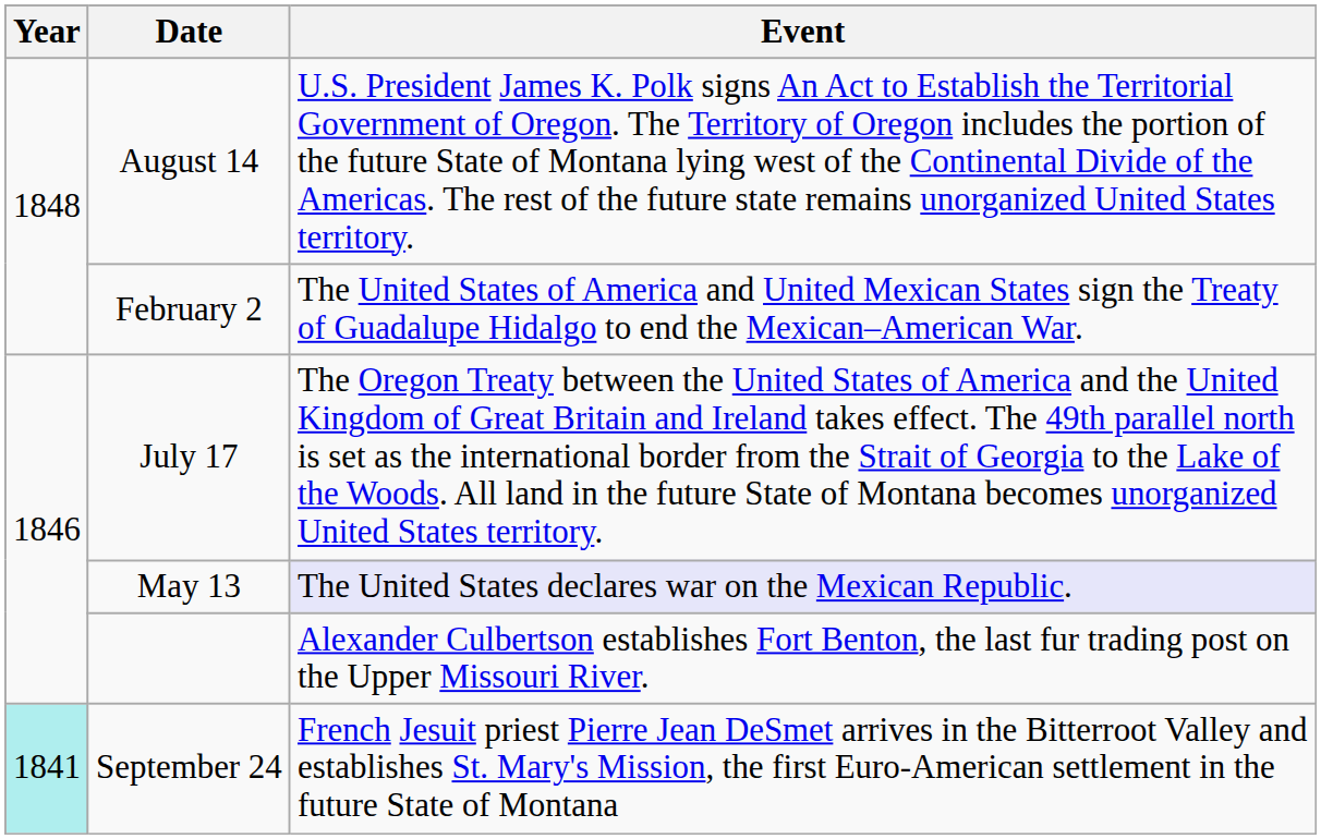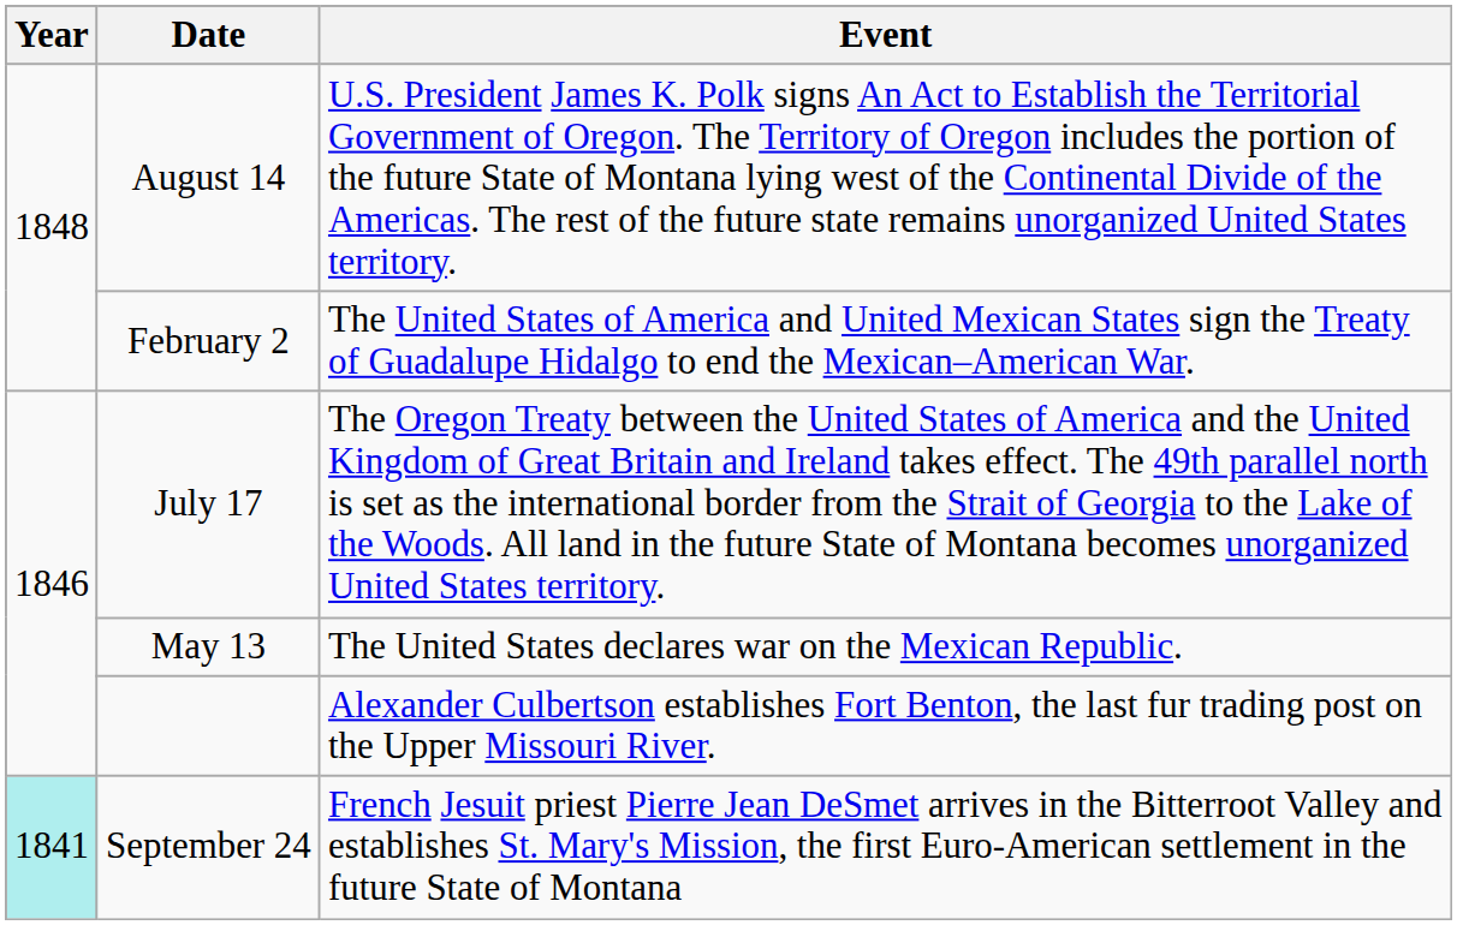 <table class="wikitable" style="width:100%;">
 <tr>
 <th style="width:6%">Year</th>
 <th style="width:8%">Date</th>
 <th style="width:86%">Event</th>
 </tr>
 <tr>
 <td align=center rowspan=2>1848</td>
 <td align=center>August 14</td>
 <td><a href='#'>U.S. President</a> <a href='#'>James K. Polk</a> signs <a href='#'>An Act to Establish the Territorial Government of Oregon</a>.  The <a href='#'>Territory of Oregon</a> includes the portion of the future State of Montana lying west of the <a href='#'>Continental Divide of the Americas</a>. The rest of the future state remains <a href='#'>unorganized United States territory</a>.</td>
 </tr>
 <tr>
 <td align=center>February 2</td>
 <td>The <a href='#'>United States of America</a> and <a href='#'>United Mexican States</a> sign the <a href='#'>Treaty of Guadalupe Hidalgo</a> to end the <a href='#'>Mexican–American War</a>.</td>
 </tr>
 <tr>
 <td align=center rowspan=3>1846</td>
 <td align=center>July 17</td>
 <td>The <a href='#'>Oregon Treaty</a> between the <a href='#'>United States of America</a> and the <a href='#'>United Kingdom of Great Britain and Ireland</a> takes effect. The <a href='#'>49th parallel north</a> is set as the international border from the <a href='#'>Strait of Georgia</a> to the <a href='#'>Lake of the Woods</a>. All land in the future State of Montana becomes <a href='#'>unorganized United States territory</a>.</td>
 </tr>
 <tr>
 <td align=center>May 13</td>
-<td style="background: lavender;">The United States declares war on the <a href='#'>Mexican Republic</a>.</td>
+<td>The United States declares war on the <a href='#'>Mexican Republic</a>.</td>
 </tr>
 <tr>
 <td align=center> </td>
 <td><a href='#'>Alexander Culbertson</a> establishes <a href='#'>Fort Benton</a>, the last fur trading post on the Upper <a href='#'>Missouri River</a>.</td>
 </tr>
 <tr>
 <td align=center rowspan=1 style="background: paleturquoise;">1841</td>
 <td align=center>September 24</td>
 <td><a href='#'>French</a> <a href='#'>Jesuit</a> priest <a href='#'>Pierre Jean DeSmet</a> arrives in the Bitterroot Valley and establishes <a href='#'>St. Mary's Mission</a>, the first Euro-American settlement in the future State of Montana</td>
 </tr>
 </table>
